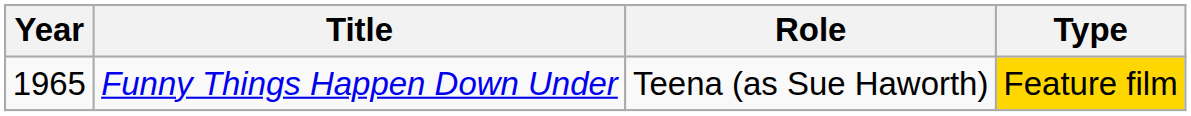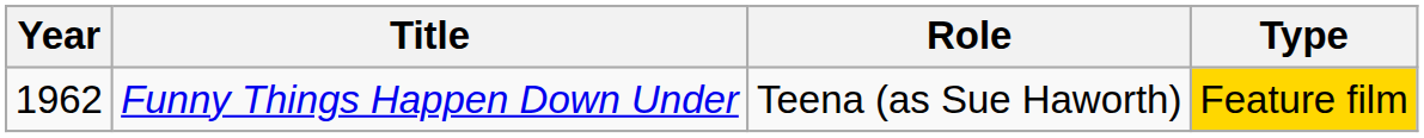 <table class="wikitable">
 <tr>
 <th>Year</th>
 <th>Title</th>
 <th>Role</th>
 <th>Type</th>
 </tr>
 <tr>
-<td>1965</td>
+<td>1962</td>
 <td><em><a href='#'>Funny Things Happen Down Under</a></em></td>
 <td>Teena (as Sue Haworth)</td>
 <td style="background: gold;">Feature film</td>
 </tr>
 </table>
